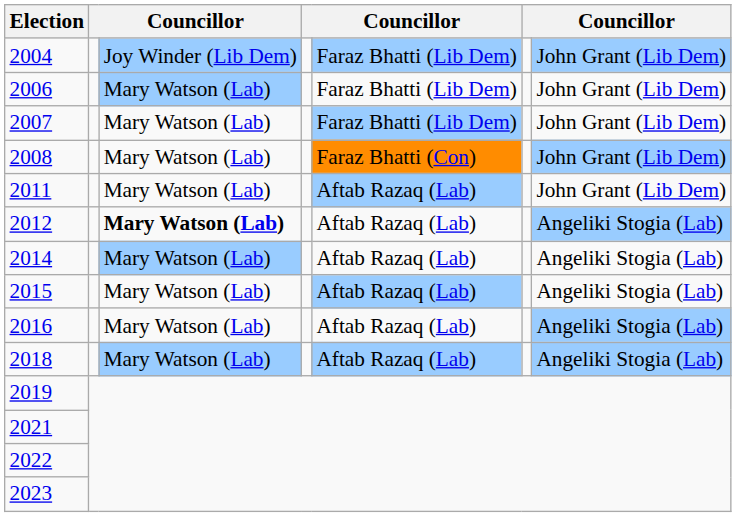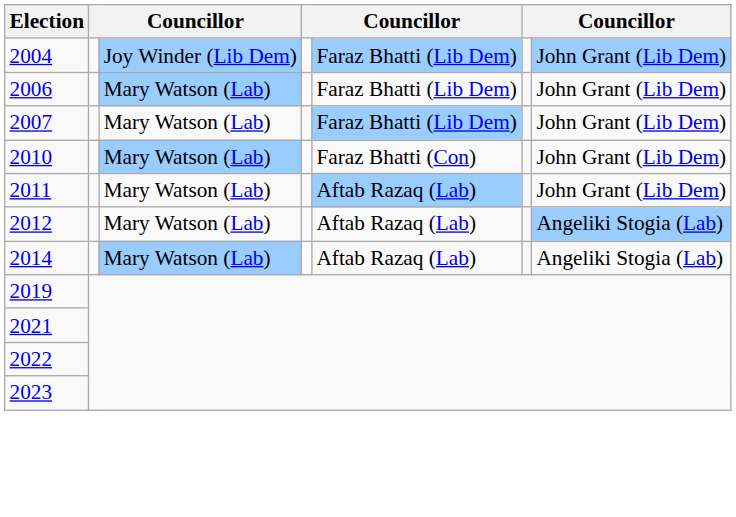 <table class="wikitable">
 <tr>
 <th>Election</th>
 <th colspan="2">Councillor</th>
 <th colspan="2">Councillor</th>
 <th colspan="2">Councillor</th>
 </tr>
 <tr>
 <td><a href='#'>2004</a></td>
 <td style="background-color: "></td>
 <td bgcolor="#99CCFF">Joy Winder (<a href='#'>Lib Dem</a>)</td>
 <td style="background-color: "></td>
 <td bgcolor="#99CCFF">Faraz Bhatti (<a href='#'>Lib Dem</a>)</td>
 <td style="background-color: "></td>
 <td bgcolor="#99CCFF">John Grant (<a href='#'>Lib Dem</a>)</td>
 </tr>
 <tr>
 <td><a href='#'>2006</a></td>
 <td style="background-color: "></td>
 <td bgcolor="#99CCFF">Mary Watson (<a href='#'>Lab</a>)</td>
 <td style="background-color: "></td>
 <td>Faraz Bhatti (<a href='#'>Lib Dem</a>)</td>
 <td style="background-color: "></td>
 <td>John Grant (<a href='#'>Lib Dem</a>)</td>
 </tr>
 <tr>
 <td><a href='#'>2007</a></td>
 <td style="background-color: "></td>
 <td>Mary Watson (<a href='#'>Lab</a>)</td>
 <td style="background-color: "></td>
 <td bgcolor="#99CCFF">Faraz Bhatti (<a href='#'>Lib Dem</a>)</td>
 <td style="background-color: "></td>
 <td>John Grant (<a href='#'>Lib Dem</a>)</td>
 </tr>
 <tr>
-<td><a href='#'>2008</a></td>
+<td><a href='#'>2010</a></td>
 <td style="background-color: "></td>
-<td>Mary Watson (<a href='#'>Lab</a>)</td>
+<td bgcolor="#99CCFF">Mary Watson (<a href='#'>Lab</a>)</td>
 <td style="background-color: "></td>
-<td bgcolor="#FF8C00">Faraz Bhatti (<a href='#'>Con</a>)</td>
+<td>Faraz Bhatti (<a href='#'>Con</a>)</td>
 <td style="background-color: "></td>
-<td bgcolor="#99CCFF">John Grant (<a href='#'>Lib Dem</a>)</td>
+<td>John Grant (<a href='#'>Lib Dem</a>)</td>
 </tr>
 <tr>
 <td><a href='#'>2011</a></td>
 <td style="background-color: "></td>
 <td>Mary Watson (<a href='#'>Lab</a>)</td>
 <td style="background-color: "></td>
 <td bgcolor="#99CCFF">Aftab Razaq (<a href='#'>Lab</a>)</td>
 <td style="background-color: "></td>
 <td>John Grant (<a href='#'>Lib Dem</a>)</td>
 </tr>
 <tr>
 <td><a href='#'>2012</a></td>
 <td style="background-color: "></td>
-<td><strong>Mary Watson (<a href='#'>Lab</a>)</strong></td>
+<td>Mary Watson (<a href='#'>Lab</a>)</td>
 <td style="background-color: "></td>
 <td>Aftab Razaq (<a href='#'>Lab</a>)</td>
 <td style="background-color: "></td>
 <td bgcolor="#99CCFF">Angeliki Stogia (<a href='#'>Lab</a>)</td>
 </tr>
 <tr>
 <td><a href='#'>2014</a></td>
 <td style="background-color: "></td>
 <td bgcolor="#99CCFF">Mary Watson (<a href='#'>Lab</a>)</td>
 <td style="background-color: "></td>
 <td>Aftab Razaq (<a href='#'>Lab</a>)</td>
 <td style="background-color: "></td>
 <td>Angeliki Stogia (<a href='#'>Lab</a>)</td>
 </tr>
 <tr>
-<td><a href='#'>2015</a></td>
-<td style="background-color: "></td>
-<td>Mary Watson (<a href='#'>Lab</a>)</td>
-<td style="background-color: "></td>
-<td bgcolor="#99CCFF">Aftab Razaq (<a href='#'>Lab</a>)</td>
-<td style="background-color: "></td>
-<td>Angeliki Stogia (<a href='#'>Lab</a>)</td>
-</tr>
-<tr>
-<td><a href='#'>2016</a></td>
-<td style="background-color: "></td>
-<td>Mary Watson (<a href='#'>Lab</a>)</td>
-<td style="background-color: "></td>
-<td>Aftab Razaq (<a href='#'>Lab</a>)</td>
-<td style="background-color: "></td>
-<td bgcolor="#99CCFF">Angeliki Stogia (<a href='#'>Lab</a>)</td>
-</tr>
-<tr>
-<td><a href='#'>2018</a></td>
-<td style="background-color: "></td>
-<td bgcolor="#99CCFF">Mary Watson (<a href='#'>Lab</a>)</td>
-<td style="background-color: "></td>
-<td bgcolor="#99CCFF">Aftab Razaq (<a href='#'>Lab</a>)</td>
-<td style="background-color: "></td>
-<td bgcolor="#99CCFF">Angeliki Stogia (<a href='#'>Lab</a>)</td>
-</tr>
-<tr>
 <td><a href='#'>2019</a><br>  </td>
 </tr>
 <tr>
 <td><a href='#'>2021</a><br>  </td>
 </tr>
 <tr>
 <td><a href='#'>2022</a><br>  </td>
 </tr>
 <tr>
 <td><a href='#'>2023</a><br>  </td>
 </tr>
 </table>
